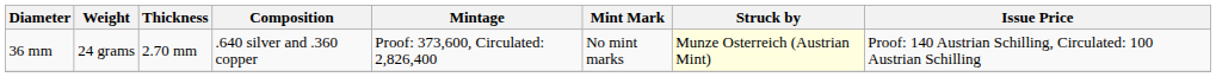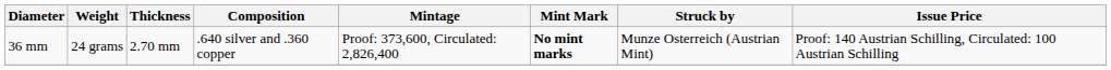 <table class="wikitable">
 <tr>
 <th>Diameter</th>
 <th>Weight</th>
 <th>Thickness</th>
 <th>Composition</th>
 <th>Mintage</th>
 <th>Mint Mark</th>
 <th>Struck by</th>
 <th>Issue Price</th>
 </tr>
 <tr>
 <td>36 mm</td>
 <td>24 grams</td>
 <td>2.70 mm</td>
 <td>.640 silver and .360 copper</td>
 <td>Proof: 373,600, Circulated: 2,826,400</td>
-<td>No mint marks</td>
-<td style="background: lightyellow;">Munze Osterreich (Austrian Mint)</td>
+<td><strong>No mint marks</strong></td>
+<td>Munze Osterreich (Austrian Mint)</td>
 <td>Proof: 140 Austrian Schilling, Circulated: 100 Austrian Schilling</td>
 </tr>
 <tr>
 </tr>
 </table>
